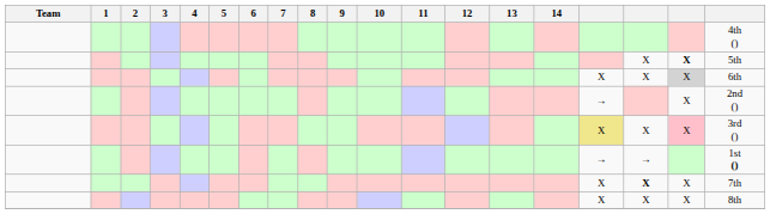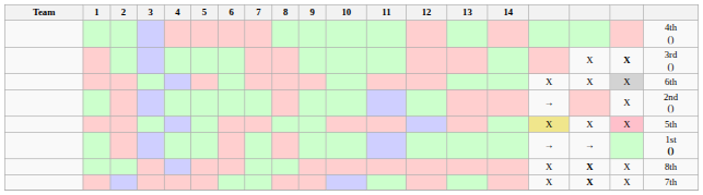 <table class="wikitable" style="font-size:85%; text-align:center; width:50%">
 <tr>
 <th>Team</th>
 <th>1</th>
 <th>2</th>
 <th>3</th>
 <th>4</th>
 <th>5</th>
 <th>6</th>
 <th>7</th>
 <th>8</th>
 <th>9</th>
 <th>10</th>
 <th>11</th>
 <th>12</th>
 <th>13</th>
 <th>14</th>
 <th></th>
 <th></th>
 <th></th>
 <th></th>
 </tr>
 <tr>
 <td align="left"></td>
 <td style="background:#cfc;"><strong></strong></td>
 <td style="background:#cfc;"><strong></strong></td>
 <td style="background:#CFCFFF;"><em></em></td>
 <td style="background:#ffcfcf;"></td>
 <td style="background:#ffcfcf;"></td>
 <td style="background:#ffcfcf;"></td>
 <td style="background:#ffcfcf;"></td>
 <td style="background:#cfc;"><strong></strong></td>
 <td style="background:#cfc;"><strong></strong></td>
 <td style="background:#cfc;"><strong></strong></td>
 <td style="background:#cfc;"><strong></strong></td>
 <td style="background:#ffcfcf;"></td>
 <td style="background:#cfc;"><strong></strong></td>
 <td style="background:#ffcfcf;"></td>
 <td style="background:#cfc;"><strong></strong></td>
 <td style="background:#cfc;"><strong></strong></td>
 <td style="background:#ffcfcf;"></td>
 <td>4th<br>()</td>
 </tr>
 <tr>
 <td align="left"></td>
 <td style="background:#ffcfcf;"></td>
 <td style="background:#cfc;"><strong></strong></td>
 <td style="background:#CFCFFF;"><em></em></td>
 <td style="background:#cfc;"><strong></strong></td>
 <td style="background:#cfc;"><strong></strong></td>
 <td style="background:#cfc;"><strong></strong></td>
 <td style="background:#ffcfcf;"></td>
 <td style="background:#ffcfcf;"></td>
 <td style="background:#cfc;"><strong></strong></td>
 <td style="background:#cfc;"><strong></strong></td>
 <td style="background:#cfc;"><strong></strong></td>
 <td style="background:#ffcfcf;"></td>
 <td style="background:#ffcfcf;"></td>
 <td style="background:#cfc;"><strong></strong></td>
 <td style="background:#ffcfcf;"></td>
 <td>X</td>
 <td><strong>X</strong></td>
-<td>5th</td>
+<td>3rd<br>()</td>
 </tr>
 <tr>
 <td align="left"></td>
 <td style="background:#ffcfcf;"></td>
 <td style="background:#ffcfcf;"></td>
 <td style="background:#cfc;"><strong></strong></td>
 <td style="background:#CFCFFF;"><em></em></td>
 <td style="background:#ffcfcf;"></td>
 <td style="background:#cfc;"><strong></strong></td>
 <td style="background:#ffcfcf;"></td>
 <td style="background:#ffcfcf;"></td>
 <td style="background:#ffcfcf;"></td>
 <td style="background:#cfc;"><strong></strong></td>
 <td style="background:#ffcfcf;"></td>
 <td style="background:#ffcfcf;"></td>
 <td style="background:#cfc;"><strong></strong></td>
 <td style="background:#cfc;"><strong></strong></td>
 <td>X</td>
 <td>X</td>
 <td style="background: lightgrey;">X</td>
 <td>6th</td>
 </tr>
 <tr>
 <td align="left"></td>
 <td style="background:#cfc;"><strong></strong></td>
 <td style="background:#ffcfcf;"></td>
 <td style="background:#CFCFFF;"><em></em></td>
 <td style="background:#cfc;"><strong></strong></td>
 <td style="background:#cfc;"><strong></strong></td>
 <td style="background:#cfc;"><strong></strong></td>
 <td style="background:#cfc;"><strong></strong></td>
 <td style="background:#ffcfcf;"></td>
 <td style="background:#cfc;"><strong></strong></td>
 <td style="background:#cfc;"><strong></strong></td>
 <td style="background:#CFCFFF;"><em></em></td>
 <td style="background:#cfc;"><strong></strong></td>
 <td style="background:#ffcfcf;"></td>
 <td style="background:#ffcfcf;"></td>
 <td>→</td>
 <td style="background:#ffcfcf;"></td>
 <td>X</td>
 <td>2nd<br>()</td>
 </tr>
 <tr>
 <td align="left"></td>
 <td style="background:#ffcfcf;"></td>
 <td style="background:#ffcfcf;"></td>
 <td style="background:#cfc;"><strong></strong></td>
 <td style="background:#CFCFFF;"><em></em></td>
 <td style="background:#cfc;"><strong></strong></td>
 <td style="background:#ffcfcf;"></td>
 <td style="background:#ffcfcf;"></td>
 <td style="background:#cfc;"><strong></strong></td>
 <td style="background:#cfc;"><strong></strong></td>
 <td style="background:#ffcfcf;"></td>
 <td style="background:#ffcfcf;"></td>
 <td style="background:#CFCFFF;"><em></em></td>
 <td style="background:#ffcfcf;"></td>
 <td style="background:#cfc;"><strong></strong></td>
 <td style="background: khaki;">X</td>
 <td>X</td>
 <td style="background: pink;">X</td>
-<td>3rd<br>()</td>
+<td>5th</td>
 </tr>
 <tr>
 <td align="left"></td>
 <td style="background:#cfc;"><strong></strong></td>
 <td style="background:#ffcfcf;"></td>
 <td style="background:#CFCFFF;"><em></em></td>
 <td style="background:#cfc;"><strong> </strong></td>
 <td style="background:#cfc;"><strong></strong></td>
 <td style="background:#ffcfcf;"></td>
 <td style="background:#cfc;"><strong></strong></td>
 <td style="background:#ffcfcf;"></td>
 <td style="background:#cfc;"><strong></strong></td>
 <td style="background:#cfc;"><strong></strong></td>
 <td style="background:#CFCFFF;"><em></em></td>
 <td style="background:#cfc;"><strong></strong></td>
 <td style="background:#cfc;"><strong></strong></td>
 <td style="background:#cfc;"><strong></strong></td>
 <td>→</td>
 <td>→</td>
 <td style="background:#cfc;"><strong></strong></td>
 <td>1st<br><strong>()</strong></td>
 </tr>
 <tr>
 <td align="left"></td>
 <td style="background:#cfc;"><strong></strong></td>
 <td style="background:#cfc;"><strong></strong></td>
 <td style="background:#ffcfcf;"></td>
 <td style="background:#CFCFFF;"><em></em></td>
 <td style="background:#ffcfcf;"></td>
 <td style="background:#ffcfcf;"></td>
 <td style="background:#cfc;"><strong></strong></td>
 <td style="background:#cfc;"><strong></strong></td>
 <td style="background:#ffcfcf;"></td>
 <td style="background:#ffcfcf;"></td>
 <td style="background:#ffcfcf;"></td>
 <td style="background:#ffcfcf;"></td>
 <td style="background:#ffcfcf;"></td>
 <td style="background:#ffcfcf;"></td>
 <td>X</td>
 <td><strong>X</strong></td>
 <td>X</td>
-<td>7th</td>
+<td>8th</td>
 </tr>
 <tr>
 <td align="left"></td>
 <td style="background:#ffcfcf;"></td>
 <td style="background:#CFCFFF;"><em></em></td>
 <td style="background:#ffcfcf;"></td>
 <td style="background:#ffcfcf;"></td>
 <td style="background:#ffcfcf;"></td>
 <td style="background:#cfc;"><strong></strong></td>
 <td style="background:#cfc;"><strong></strong></td>
 <td style="background:#ffcfcf;"></td>
 <td style="background:#ffcfcf;"></td>
 <td style="background:#CFCFFF;"><em></em></td>
 <td style="background:#cfc;"><strong></strong></td>
 <td style="background:#ffcfcf;"></td>
 <td style="background:#cfc;"><strong></strong></td>
 <td style="background:#ffcfcf;"></td>
 <td>X</td>
+<td><strong>X</strong></td>
 <td>X</td>
-<td>X</td>
-<td>8th</td>
+<td>7th</td>
 </tr>
 <tr>
 </tr>
 </table>
